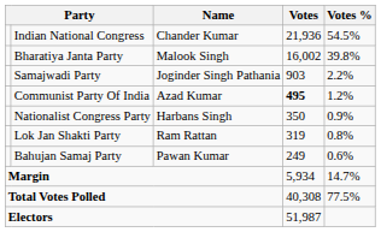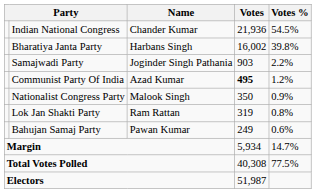 <table class="wikitable sortable">
 <tr>
 <th colspan="2" rowspan="1">Party</th>
 <th colspan="1" rowspan="1">Name</th>
 <th colspan="1" rowspan="1">Votes</th>
 <th colspan="1" rowspan="1">Votes %</th>
 </tr>
 <tr>
 <td></td>
 <td>Indian National Congress</td>
 <td>Chander Kumar</td>
 <td>21,936</td>
 <td>54.5%</td>
 </tr>
 <tr>
 <td></td>
 <td>Bharatiya Janta Party</td>
-<td>Malook Singh</td>
+<td>Harbans Singh</td>
 <td>16,002</td>
 <td>39.8%</td>
 </tr>
 <tr>
 <td></td>
 <td>Samajwadi Party</td>
 <td>Joginder Singh Pathania</td>
 <td>903</td>
 <td>2.2%</td>
 </tr>
 <tr>
 <td></td>
 <td>Communist Party Of India</td>
 <td>Azad Kumar</td>
 <td><strong>495</strong></td>
 <td>1.2%</td>
 </tr>
 <tr>
 <td></td>
 <td>Nationalist Congress Party</td>
-<td>Harbans Singh</td>
+<td>Malook Singh</td>
 <td>350</td>
 <td>0.9%</td>
 </tr>
 <tr>
 <td></td>
 <td>Lok Jan Shakti Party</td>
 <td>Ram Rattan</td>
 <td>319</td>
 <td>0.8%</td>
 </tr>
 <tr>
 <td></td>
 <td>Bahujan Samaj Party</td>
 <td>Pawan Kumar</td>
 <td>249</td>
 <td>0.6%</td>
 </tr>
 <tr>
 <td colspan="3"><strong>Margin</strong></td>
 <td>5,934</td>
 <td>14.7%</td>
 </tr>
 <tr>
 <td colspan="3"><strong>Total Votes Polled</strong></td>
 <td>40,308</td>
 <td>77.5%</td>
 </tr>
 <tr>
 <td colspan="3"><strong>Electors</strong></td>
 <td>51,987</td>
 <td></td>
 </tr>
 </table>
